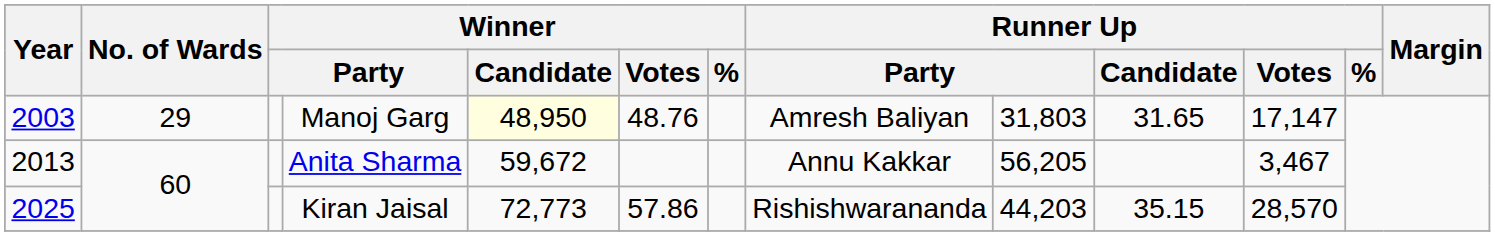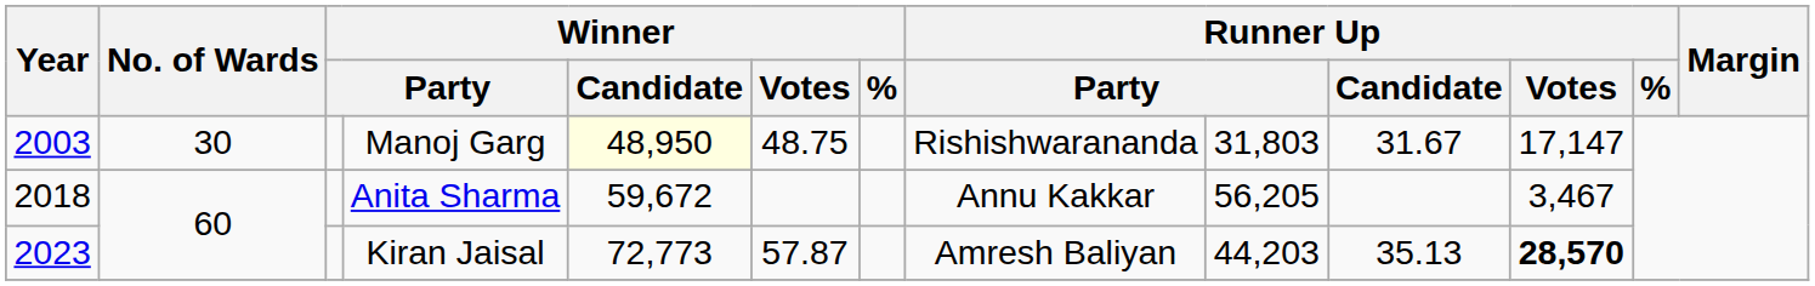 <table class="wikitable sortable" style="text-align:center;">
 <tr>
 <th rowspan="2">Year</th>
 <th rowspan="2">No. of Wards</th>
 <th colspan="5">Winner</th>
 <th colspan="5">Runner Up</th>
 <th rowspan="2">Margin</th>
 </tr>
 <tr>
 <th colspan="2">Party</th>
 <th>Candidate</th>
 <th>Votes</th>
 <th>%</th>
 <th colspan="2">Party</th>
 <th>Candidate</th>
 <th>Votes</th>
 <th>%</th>
 </tr>
 <tr>
 <td><a href='#'>2003</a></td>
-<td>29</td>
+<td>30</td>
 <td></td>
 <td>Manoj Garg</td>
 <td style="background: lightyellow;">48,950</td>
-<td>48.76</td>
+<td>48.75</td>
 <td></td>
-<td>Amresh Baliyan</td>
+<td>Rishishwarananda</td>
 <td>31,803</td>
-<td>31.65</td>
+<td>31.67</td>
 <td style="background:">17,147</td>
 </tr>
 <tr>
-<td>2013</td>
+<td>2018</td>
 <td rowspan=2>60</td>
 <td></td>
 <td><a href='#'>Anita Sharma</a></td>
 <td>59,672</td>
 <td></td>
 <td></td>
 <td>Annu Kakkar</td>
 <td>56,205</td>
 <td></td>
 <td style="background:">3,467</td>
 </tr>
 <tr>
-<td><a href='#'>2025</a></td>
+<td><a href='#'>2023</a></td>
 <td></td>
 <td>Kiran Jaisal</td>
 <td>72,773</td>
-<td>57.86</td>
+<td>57.87</td>
 <td></td>
-<td>Rishishwarananda</td>
+<td>Amresh Baliyan</td>
 <td>44,203</td>
-<td>35.15</td>
-<td style="background:">28,570</td>
+<td>35.13</td>
+<td style="background:"><strong>28,570</strong></td>
 </tr>
 </table>
